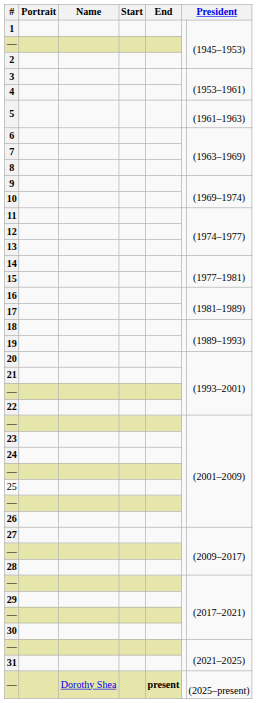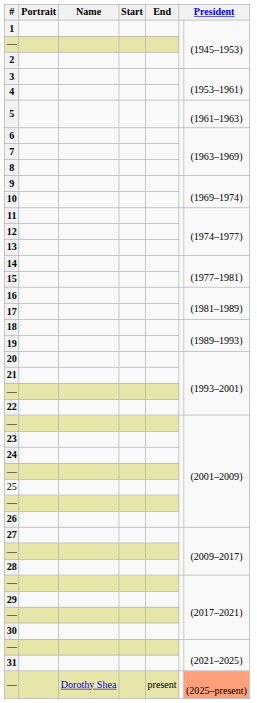 <table class="wikitable sortable" style="text-align:center;">
 <tr>
 <th>#</th>
 <th>Portrait</th>
 <th>Name</th>
 <th>Start</th>
 <th>End</th>
 <th colspan=2><a href='#'>President</a></th>
 </tr>
 <tr>
 <th>1</th>
 <td></td>
 <td></td>
 <td></td>
 <td></td>
 <td rowspan=3 style="background: "></td>
 <td rowspan=3><br>(1945–1953)</td>
 </tr>
 <tr>
 <td bgcolor="#e6e6aa">—</td>
 <td bgcolor="#e6e6aa"></td>
 <td bgcolor="#e6e6aa"><br></td>
 <td bgcolor="#e6e6aa"></td>
 <td bgcolor="#e6e6aa"></td>
 </tr>
 <tr>
 <th>2</th>
 <td></td>
 <td></td>
 <td></td>
 <td></td>
 </tr>
 <tr>
 <th>3</th>
 <td></td>
 <td></td>
 <td></td>
 <td></td>
 <td rowspan=2 style="background: "></td>
 <td rowspan=2><br>(1953–1961)</td>
 </tr>
 <tr>
 <th>4</th>
 <td></td>
 <td></td>
 <td></td>
 <td></td>
 </tr>
 <tr>
 <th rowspan="2">5</th>
 <td rowspan="2"></td>
 <td rowspan="2"></td>
 <td rowspan="2"></td>
 <td rowspan="2"></td>
 <td style="background: "></td>
 <td><br>(1961–1963)</td>
 </tr>
 <tr>
 <td rowspan="4" style="background: "></td>
 <td rowspan="4"><br>(1963–1969)</td>
 </tr>
 <tr>
 <th>6</th>
 <td></td>
 <td></td>
 <td></td>
 <td></td>
 </tr>
 <tr>
 <th>7</th>
 <td></td>
 <td></td>
 <td></td>
 <td></td>
 </tr>
 <tr>
 <th>8</th>
 <td></td>
 <td></td>
 <td></td>
 <td></td>
 </tr>
 <tr>
 <th>9</th>
 <td></td>
 <td></td>
 <td></td>
 <td></td>
 <td rowspan=3 style="background: "></td>
 <td rowspan=3><br>(1969–1974)</td>
 </tr>
 <tr>
 <th>10</th>
 <td></td>
 <td></td>
 <td></td>
 <td></td>
 </tr>
 <tr>
 <th rowspan=2>11</th>
 <td rowspan=2></td>
 <td rowspan=2></td>
 <td rowspan=2></td>
 <td rowspan=2></td>
 </tr>
 <tr>
 <td rowspan=3 style="background: "></td>
 <td rowspan=3><br>(1974–1977)</td>
 </tr>
 <tr>
 <th>12</th>
 <td></td>
 <td></td>
 <td></td>
 <td></td>
 </tr>
 <tr>
 <th>13</th>
 <td></td>
 <td></td>
 <td></td>
 <td></td>
 </tr>
 <tr>
 <th>14</th>
 <td></td>
 <td></td>
 <td></td>
 <td></td>
 <td rowspan=2 style="background: "></td>
 <td rowspan=2><br>(1977–1981)</td>
 </tr>
 <tr>
 <th>15</th>
 <td></td>
 <td></td>
 <td></td>
 <td></td>
 </tr>
 <tr>
 <th>16</th>
 <td></td>
 <td></td>
 <td></td>
 <td></td>
 <td rowspan=2 style="background: "></td>
 <td rowspan=2><br>(1981–1989)</td>
 </tr>
 <tr>
 <th>17</th>
 <td></td>
 <td></td>
 <td></td>
 <td></td>
 </tr>
 <tr>
 <th>18</th>
 <td></td>
 <td></td>
 <td></td>
 <td></td>
 <td rowspan=2 style="background: "></td>
 <td rowspan=2><br>(1989–1993)</td>
 </tr>
 <tr>
 <th>19</th>
 <td></td>
 <td></td>
 <td></td>
 <td></td>
 </tr>
 <tr>
 <th>20</th>
 <td></td>
 <td></td>
 <td></td>
 <td></td>
 <td rowspan=4 style="background: "></td>
 <td rowspan=4><br>(1993–2001)</td>
 </tr>
 <tr>
 <th>21</th>
 <td></td>
 <td></td>
 <td></td>
 <td></td>
 </tr>
 <tr>
 <td bgcolor="#e6e6aa">—</td>
 <td bgcolor="#e6e6aa"></td>
 <td bgcolor="#e6e6aa"><br></td>
 <td bgcolor="#e6e6aa"></td>
 <td bgcolor="#e6e6aa"></td>
 </tr>
 <tr>
 <th>22</th>
 <td></td>
 <td></td>
 <td></td>
 <td></td>
 </tr>
 <tr>
 <td bgcolor="#e6e6aa">—</td>
 <td bgcolor="#e6e6aa"></td>
 <td bgcolor="#e6e6aa"><br></td>
 <td bgcolor="#e6e6aa"></td>
 <td bgcolor="#e6e6aa"></td>
 <td rowspan=7 style="background: "></td>
 <td rowspan=7><br>(2001–2009)</td>
 </tr>
 <tr>
 <th>23</th>
 <td></td>
 <td></td>
 <td></td>
 <td></td>
 </tr>
 <tr>
 <th>24</th>
 <td></td>
 <td></td>
 <td></td>
 <td></td>
 </tr>
 <tr>
 <td bgcolor="#e6e6aa">—</td>
 <td bgcolor="#e6e6aa"></td>
 <td bgcolor="#e6e6aa"><br></td>
 <td bgcolor="#e6e6aa"></td>
 <td bgcolor="#e6e6aa"></td>
 </tr>
 <tr>
 <td>25</td>
 <td></td>
 <td></td>
 <td></td>
 <td></td>
 </tr>
 <tr>
 <td bgcolor="#e6e6aa">—</td>
 <td bgcolor="#e6e6aa"></td>
 <td bgcolor="#e6e6aa"><br></td>
 <td bgcolor="#e6e6aa"></td>
 <td bgcolor="#e6e6aa"></td>
 </tr>
 <tr>
 <th>26</th>
 <td></td>
 <td></td>
 <td></td>
 <td></td>
 </tr>
 <tr>
 <th>27</th>
 <td></td>
 <td></td>
 <td></td>
 <td></td>
 <td rowspan=3 style="background: "></td>
 <td rowspan=3><br>(2009–2017)</td>
 </tr>
 <tr>
 <td bgcolor="#e6e6aa">—</td>
 <td bgcolor="#e6e6aa"></td>
 <td bgcolor="#e6e6aa"><br></td>
 <td bgcolor="#e6e6aa"></td>
 <td bgcolor="#e6e6aa"></td>
 </tr>
 <tr>
 <th>28</th>
 <td></td>
 <td></td>
 <td></td>
 <td></td>
 </tr>
 <tr>
 <td bgcolor="#e6e6aa">—</td>
 <td bgcolor="#e6e6aa"></td>
 <td bgcolor="#e6e6aa"><br></td>
 <td bgcolor="#e6e6aa"></td>
 <td bgcolor="#e6e6aa"></td>
 <td rowspan=4 style="background: "></td>
 <td rowspan=4><br>(2017–2021)</td>
 </tr>
 <tr>
 <th>29</th>
 <td></td>
 <td></td>
 <td></td>
 <td></td>
 </tr>
 <tr>
 <td bgcolor="#e6e6aa">—</td>
 <td bgcolor="#e6e6aa"></td>
 <td bgcolor="#e6e6aa"><br></td>
 <td bgcolor="#e6e6aa"></td>
 <td bgcolor="#e6e6aa"></td>
 </tr>
 <tr>
 <th>30</th>
 <td></td>
 <td></td>
 <td></td>
 <td></td>
 </tr>
 <tr>
 <td bgcolor="#e6e6aa">—</td>
 <td bgcolor="#e6e6aa"></td>
 <td bgcolor="#e6e6aa"><br></td>
 <td bgcolor="#e6e6aa"></td>
 <td bgcolor="#e6e6aa"></td>
 <td rowspan=2 style="background: "></td>
 <td rowspan=2><br>(2021–2025)</td>
 </tr>
 <tr>
 <th>31</th>
 <td></td>
 <td></td>
 <td></td>
 <td></td>
 </tr>
 <tr>
 <td bgcolor="#e6e6aa">—</td>
 <td bgcolor="#e6e6aa"></td>
 <td bgcolor="#e6e6aa"><a href='#'>Dorothy Shea</a><br></td>
 <td bgcolor="#e6e6aa"></td>
-<td bgcolor="#e6e6aa"><strong>present</strong></td>
+<td bgcolor="#e6e6aa">present</td>
 <td style="background: "></td>
-<td><br>(2025–present)</td>
+<td style="background: lightsalmon;"><br>(2025–present)</td>
 </tr>
 </table>
